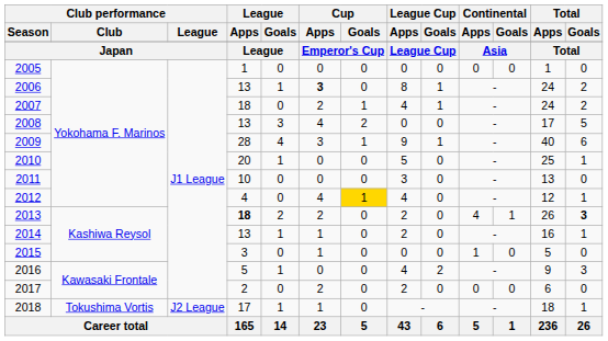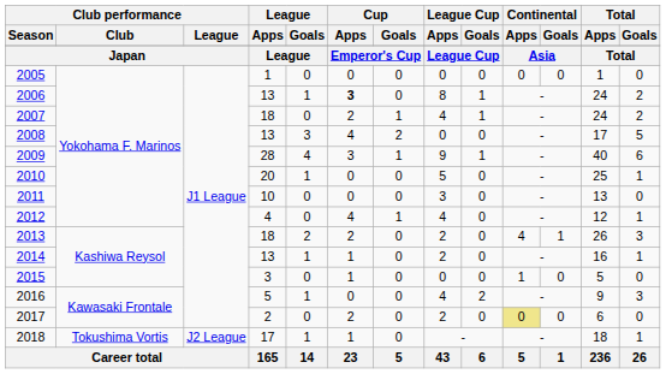 <table class="wikitable" style="text-align:center">
 <tr>
 <th colspan=3>Club performance</th>
 <th colspan=2>League</th>
 <th colspan=2>Cup</th>
 <th colspan=2>League Cup</th>
 <th colspan=2>Continental</th>
 <th colspan=2>Total</th>
 </tr>
 <tr>
 <th>Season</th>
 <th>Club</th>
 <th>League</th>
 <th>Apps</th>
 <th>Goals</th>
 <th>Apps</th>
 <th>Goals</th>
 <th>Apps</th>
 <th>Goals</th>
 <th>Apps</th>
 <th>Goals</th>
 <th>Apps</th>
 <th>Goals</th>
 </tr>
 <tr>
 </tr>
 <tr>
 <th colspan=3>Japan</th>
 <th colspan=2>League</th>
 <th colspan=2><a href='#'>Emperor's Cup</a></th>
 <th colspan=2><a href='#'>League Cup</a></th>
 <th colspan=2><a href='#'>Asia</a></th>
 <th colspan=2>Total</th>
 </tr>
 <tr>
 <td><a href='#'>2005</a></td>
 <td rowspan="8"><a href='#'>Yokohama F. Marinos</a></td>
 <td rowspan="13"><a href='#'>J1 League</a></td>
 <td>1</td>
 <td>0</td>
 <td>0</td>
 <td>0</td>
 <td>0</td>
 <td>0</td>
 <td>0</td>
 <td>0</td>
 <td>1</td>
 <td>0</td>
 </tr>
 <tr>
 <td><a href='#'>2006</a></td>
 <td>13</td>
 <td>1</td>
 <td><strong>3</strong></td>
 <td>0</td>
 <td>8</td>
 <td>1</td>
 <td colspan="2">-</td>
 <td>24</td>
 <td>2</td>
 </tr>
 <tr>
 <td><a href='#'>2007</a></td>
 <td>18</td>
 <td>0</td>
 <td>2</td>
 <td>1</td>
 <td>4</td>
 <td>1</td>
 <td colspan="2">-</td>
 <td>24</td>
 <td>2</td>
 </tr>
 <tr>
 <td><a href='#'>2008</a></td>
 <td>13</td>
 <td>3</td>
 <td>4</td>
 <td>2</td>
 <td>0</td>
 <td>0</td>
 <td colspan="2">-</td>
 <td>17</td>
 <td>5</td>
 </tr>
 <tr>
 <td><a href='#'>2009</a></td>
 <td>28</td>
 <td>4</td>
 <td>3</td>
 <td>1</td>
 <td>9</td>
 <td>1</td>
 <td colspan="2">-</td>
 <td>40</td>
 <td>6</td>
 </tr>
 <tr>
 <td><a href='#'>2010</a></td>
 <td>20</td>
 <td>1</td>
 <td>0</td>
 <td>0</td>
 <td>5</td>
 <td>0</td>
 <td colspan="2">-</td>
 <td>25</td>
 <td>1</td>
 </tr>
 <tr>
 <td><a href='#'>2011</a></td>
 <td>10</td>
 <td>0</td>
 <td>0</td>
 <td>0</td>
 <td>3</td>
 <td>0</td>
 <td colspan="2">-</td>
 <td>13</td>
 <td>0</td>
 </tr>
 <tr>
 <td><a href='#'>2012</a></td>
 <td>4</td>
 <td>0</td>
 <td>4</td>
-<td style="background: gold;">1</td>
+<td>1</td>
 <td>4</td>
 <td>0</td>
 <td colspan="2">-</td>
 <td>12</td>
 <td>1</td>
 </tr>
 <tr>
 <td><a href='#'>2013</a></td>
 <td rowspan="3"><a href='#'>Kashiwa Reysol</a></td>
-<td><strong>18</strong></td>
+<td>18</td>
 <td>2</td>
 <td>2</td>
 <td>0</td>
 <td>2</td>
 <td>0</td>
 <td>4</td>
 <td>1</td>
 <td>26</td>
-<td><strong>3</strong></td>
+<td>3</td>
 </tr>
 <tr>
 <td><a href='#'>2014</a></td>
 <td>13</td>
 <td>1</td>
 <td>1</td>
 <td>0</td>
 <td>2</td>
 <td>0</td>
 <td colspan="2">-</td>
 <td>16</td>
 <td>1</td>
 </tr>
 <tr>
 <td><a href='#'>2015</a></td>
 <td>3</td>
 <td>0</td>
 <td>1</td>
 <td>0</td>
 <td>0</td>
 <td>0</td>
 <td>1</td>
 <td>0</td>
 <td>5</td>
 <td>0</td>
 </tr>
 <tr>
 <td>2016</td>
 <td rowspan=2><a href='#'>Kawasaki Frontale</a></td>
 <td>5</td>
 <td>1</td>
 <td>0</td>
 <td>0</td>
 <td>4</td>
 <td>2</td>
 <td colspan="2">-</td>
 <td>9</td>
 <td>3</td>
 </tr>
 <tr>
 <td>2017</td>
 <td>2</td>
 <td>0</td>
 <td>2</td>
 <td>0</td>
 <td>2</td>
 <td>0</td>
-<td>0</td>
+<td style="background: khaki;">0</td>
 <td>0</td>
 <td>6</td>
 <td>0</td>
 </tr>
 <tr>
 <td>2018</td>
 <td rowspan=1><a href='#'>Tokushima Vortis</a></td>
 <td rowspan=1><a href='#'>J2 League</a></td>
 <td>17</td>
 <td>1</td>
 <td>1</td>
 <td>0</td>
 <td colspan="2">-</td>
 <td colspan="2">-</td>
 <td>18</td>
 <td>1</td>
 </tr>
 <tr>
 <th colspan=3>Career total</th>
 <th>165</th>
 <th>14</th>
 <th>23</th>
 <th>5</th>
 <th>43</th>
 <th>6</th>
 <th>5</th>
 <th>1</th>
 <th>236</th>
 <th>26</th>
 </tr>
 </table>
